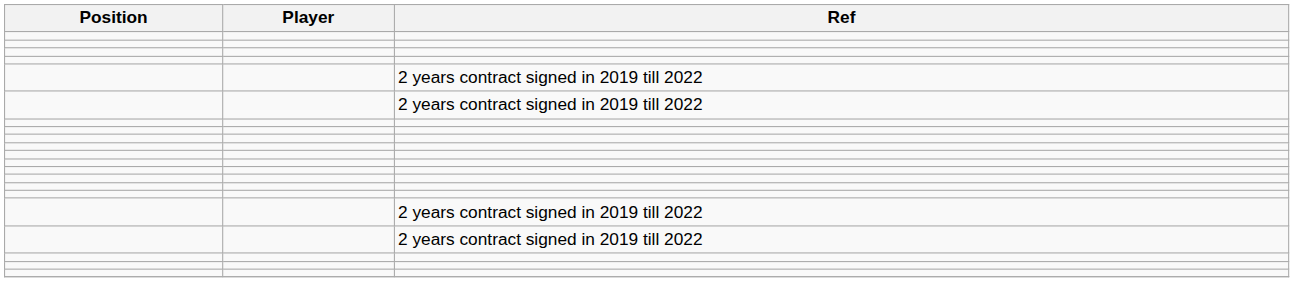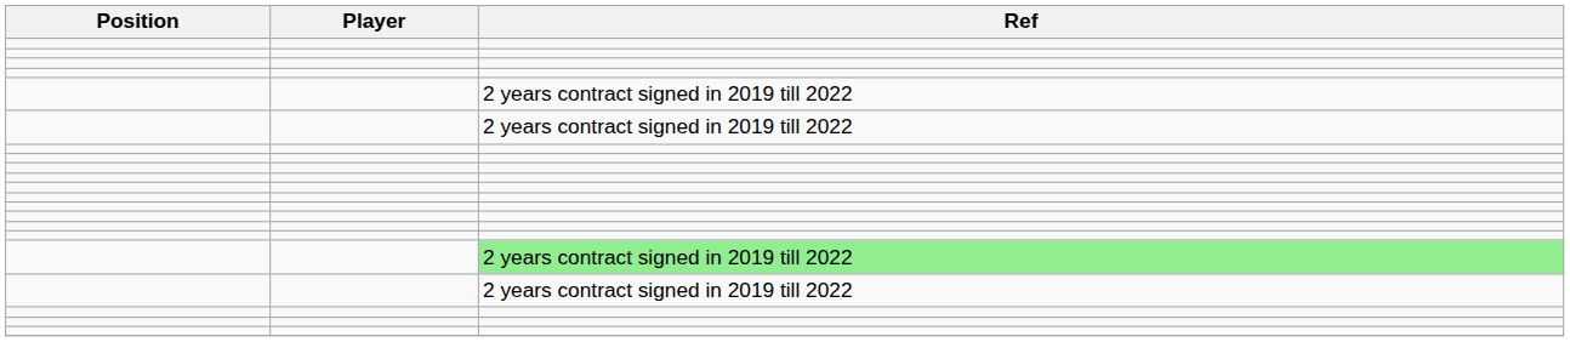 <table class="wikitable sortable" style="width:60%; text-align:center; font-size:100%; text-align:left;">
 <tr>
 <th><strong>Position</strong></th>
 <th><strong>Player</strong></th>
 <th><strong>Ref</strong></th>
 </tr>
 <tr>
 <td></td>
 <td></td>
 <td></td>
 </tr>
 <tr>
 <td></td>
 <td></td>
 <td></td>
 </tr>
 <tr>
 <td></td>
 <td></td>
 <td></td>
 </tr>
 <tr>
 <td></td>
 <td></td>
 <td></td>
 </tr>
 <tr>
 <td></td>
 <td></td>
 <td>2 years contract signed in 2019 till 2022 </td>
 </tr>
 <tr>
 <td></td>
 <td></td>
 <td>2 years contract signed in 2019 till 2022 </td>
 </tr>
 <tr>
 <td></td>
 <td></td>
 <td></td>
 </tr>
 <tr>
 <td></td>
 <td></td>
 <td></td>
 </tr>
 <tr>
 <td></td>
 <td></td>
 <td></td>
 </tr>
 <tr>
 <td></td>
 <td></td>
 <td></td>
 </tr>
 <tr>
 <td></td>
 <td></td>
 <td></td>
 </tr>
 <tr>
 <td></td>
 <td></td>
 <td></td>
 </tr>
 <tr>
 <td></td>
 <td></td>
 <td></td>
 </tr>
 <tr>
 <td></td>
 <td></td>
 <td></td>
 </tr>
 <tr>
 <td></td>
 <td></td>
 <td></td>
 </tr>
 <tr>
 <td></td>
 <td></td>
 <td></td>
 </tr>
 <tr>
 <td></td>
 <td></td>
-<td>2 years contract signed in 2019 till 2022 </td>
+<td style="background: lightgreen;">2 years contract signed in 2019 till 2022 </td>
 </tr>
 <tr>
 <td></td>
 <td></td>
 <td>2 years contract signed in 2019 till 2022 </td>
 </tr>
 <tr>
 <td></td>
 <td></td>
 <td></td>
 </tr>
 <tr>
 <td></td>
 <td></td>
 <td></td>
 </tr>
 <tr>
 <td></td>
 <td></td>
 <td></td>
 </tr>
 <tr>
 </tr>
 </table>
